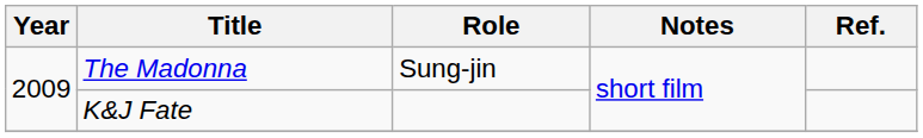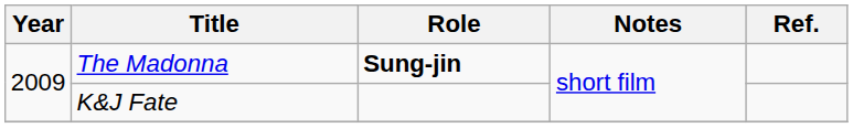 <table class="wikitable" style="width:550px">
 <tr>
 <th width=10>Year</th>
 <th>Title</th>
 <th>Role</th>
 <th>Notes</th>
 <th>Ref.</th>
 </tr>
 <tr>
 <td rowspan=2>2009</td>
 <td><em><a href='#'>The Madonna</a></em></td>
-<td>Sung-jin</td>
+<td><strong>Sung-jin</strong></td>
 <td rowspan="2"><a href='#'>short film</a></td>
 <td></td>
 </tr>
 <tr>
 <td><em>K&J Fate</em></td>
 <td></td>
 <td></td>
 </tr>
 <tr>
 </tr>
 </table>
